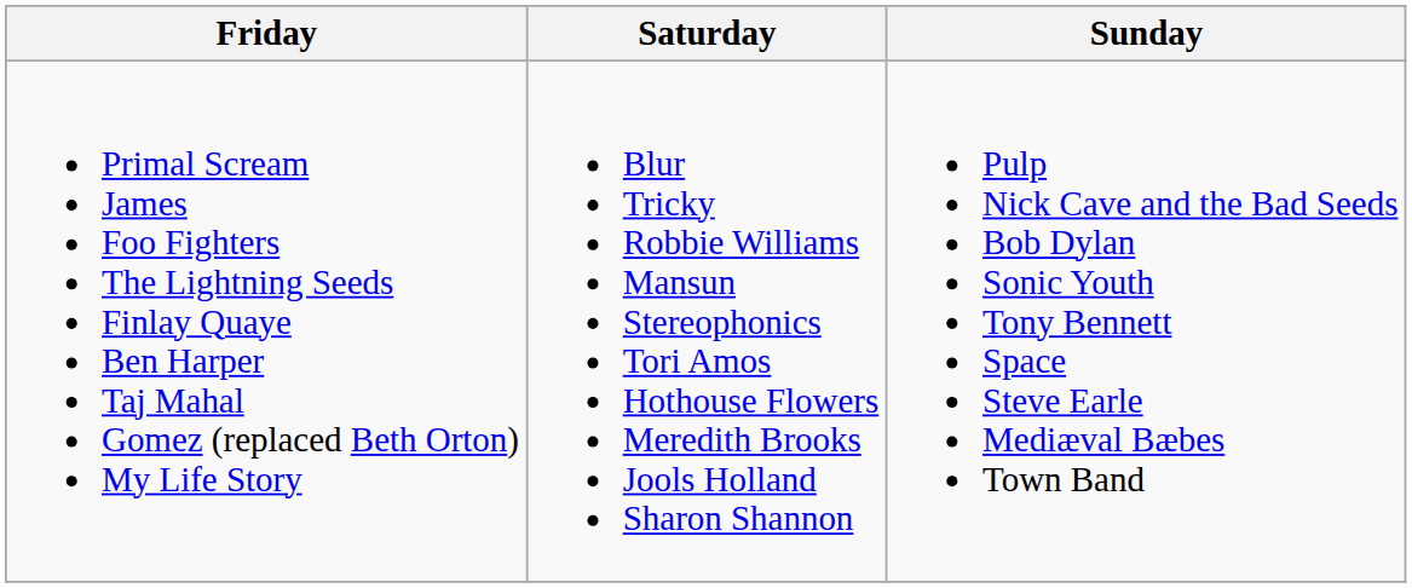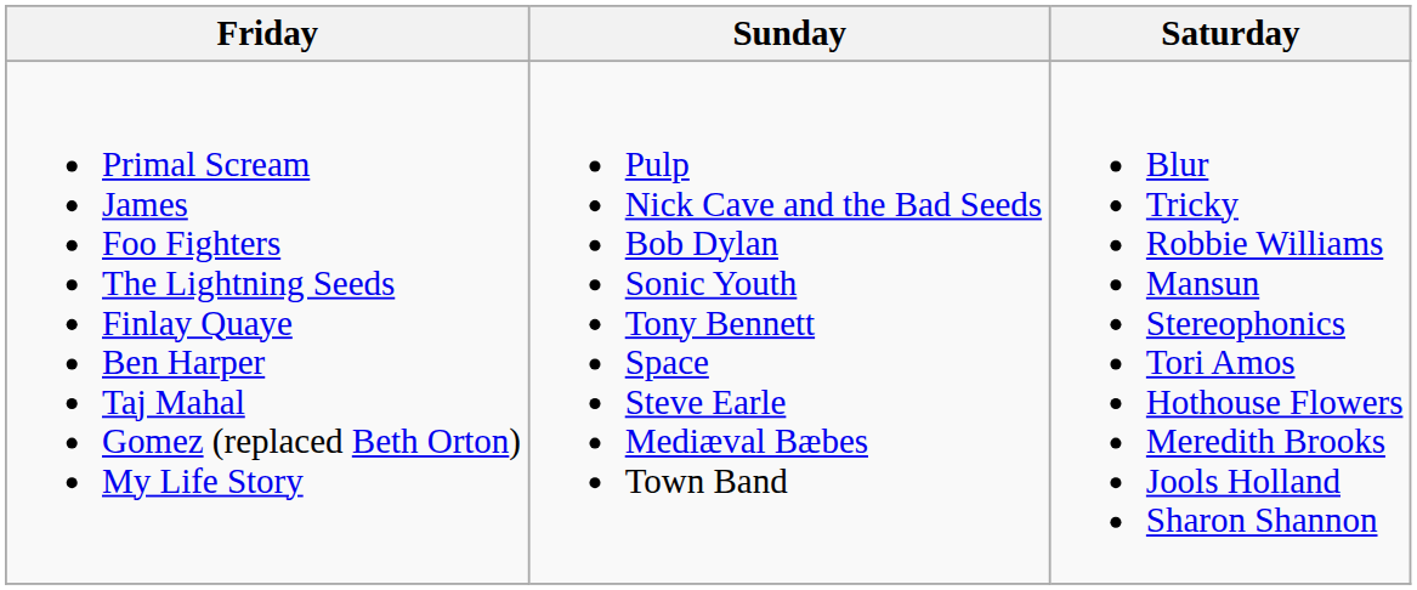 <table class="wikitable">
 <tr>
 <th>Friday</th>
+<th>Sunday</th>
 <th>Saturday</th>
-<th>Sunday</th>
 </tr>
 <tr valign="top">
 <td><br><ul><li><a href='#'>Primal Scream</a></li><li><a href='#'>James</a></li><li><a href='#'>Foo Fighters</a></li><li><a href='#'>The Lightning Seeds</a></li><li><a href='#'>Finlay Quaye</a></li><li><a href='#'>Ben Harper</a></li><li><a href='#'>Taj Mahal</a></li><li><a href='#'>Gomez</a> (replaced <a href='#'>Beth Orton</a>)</li><li><a href='#'>My Life Story</a></li></ul></td>
+<td><br><ul><li><a href='#'>Pulp</a></li><li><a href='#'>Nick Cave and the Bad Seeds</a></li><li><a href='#'>Bob Dylan</a></li><li><a href='#'>Sonic Youth</a></li><li><a href='#'>Tony Bennett</a></li><li><a href='#'>Space</a></li><li><a href='#'>Steve Earle</a></li><li><a href='#'>Mediæval Bæbes</a></li><li>Town Band</li></ul></td>
 <td><br><ul><li><a href='#'>Blur</a></li><li><a href='#'>Tricky</a></li><li><a href='#'>Robbie Williams</a></li><li><a href='#'>Mansun</a></li><li><a href='#'>Stereophonics</a></li><li><a href='#'>Tori Amos</a></li><li><a href='#'>Hothouse Flowers</a></li><li><a href='#'>Meredith Brooks</a></li><li><a href='#'>Jools Holland</a></li><li><a href='#'>Sharon Shannon</a></li></ul></td>
-<td><br><ul><li><a href='#'>Pulp</a></li><li><a href='#'>Nick Cave and the Bad Seeds</a></li><li><a href='#'>Bob Dylan</a></li><li><a href='#'>Sonic Youth</a></li><li><a href='#'>Tony Bennett</a></li><li><a href='#'>Space</a></li><li><a href='#'>Steve Earle</a></li><li><a href='#'>Mediæval Bæbes</a></li><li>Town Band</li></ul></td>
 </tr>
 </table>
